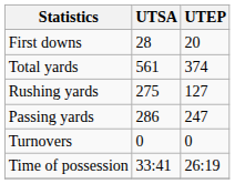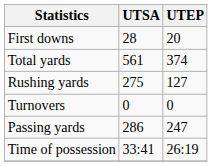 <table class="wikitable">
 <tr>
 <th>Statistics</th>
 <th>UTSA</th>
 <th>UTEP</th>
 </tr>
 <tr>
 <td>First downs</td>
 <td>28</td>
 <td>20</td>
 </tr>
 <tr>
 <td>Total yards</td>
 <td>561</td>
 <td>374</td>
 </tr>
 <tr>
 <td>Rushing yards</td>
 <td>275</td>
 <td>127</td>
 </tr>
 <tr>
+<td>Turnovers</td>
+<td>0</td>
+<td>0</td>
+</tr>
+<tr>
 <td>Passing yards</td>
 <td>286</td>
 <td>247</td>
-</tr>
-<tr>
-<td>Turnovers</td>
-<td>0</td>
-<td>0</td>
 </tr>
 <tr>
 <td>Time of possession</td>
 <td>33:41</td>
 <td>26:19</td>
 </tr>
 <tr>
 </tr>
 </table>
